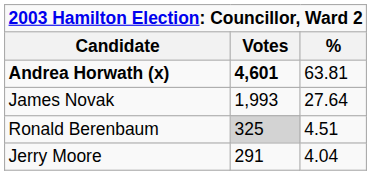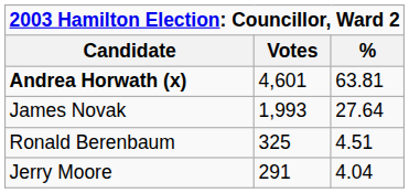 <table class="wikitable">
 <tr>
 <td Colspan="3" align="center"><strong><a href='#'>2003 Hamilton Election</a>: Councillor, Ward 2</strong></td>
 </tr>
 <tr>
 <th bgcolor="#DDDDFF" width="200px">Candidate</th>
 <th bgcolor="#DDDDFF">Votes</th>
 <th bgcolor="#DDDDFF">%</th>
 </tr>
 <tr>
 <td><strong>Andrea Horwath (x)</strong></td>
-<td><strong>4,601</strong></td>
+<td>4,601</td>
 <td>63.81</td>
 </tr>
 <tr>
 <td>James Novak</td>
 <td>1,993</td>
 <td>27.64</td>
 </tr>
 <tr>
 <td>Ronald Berenbaum</td>
-<td style="background: lightgrey;">325</td>
+<td>325</td>
 <td>4.51</td>
 </tr>
 <tr>
 <td>Jerry Moore</td>
 <td>291</td>
 <td>4.04</td>
 </tr>
 </table>
